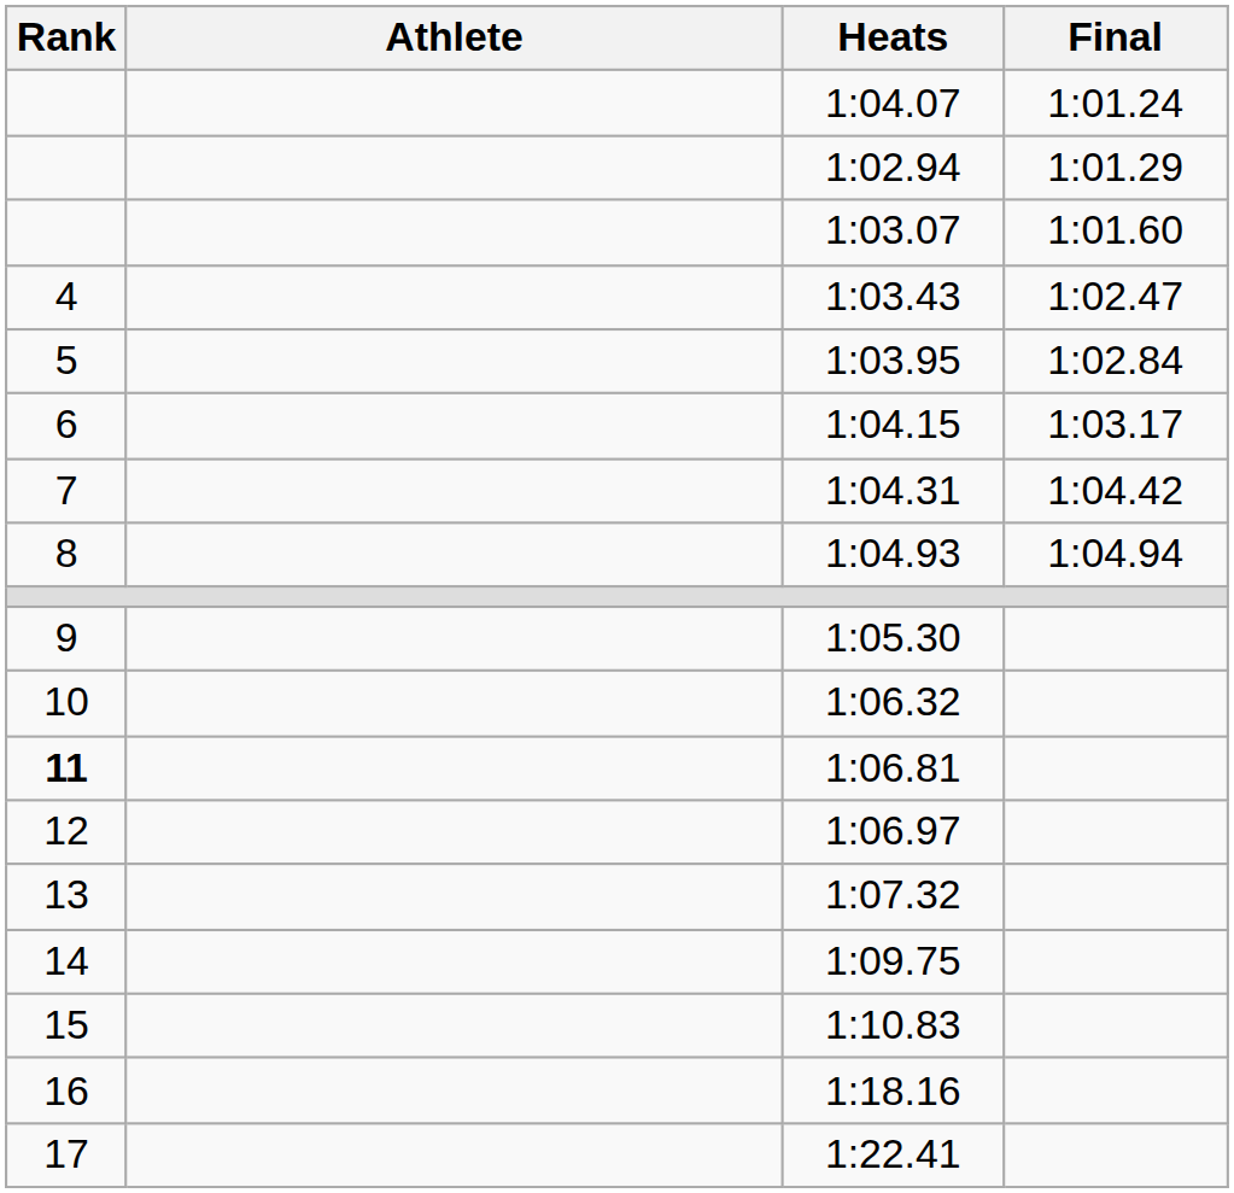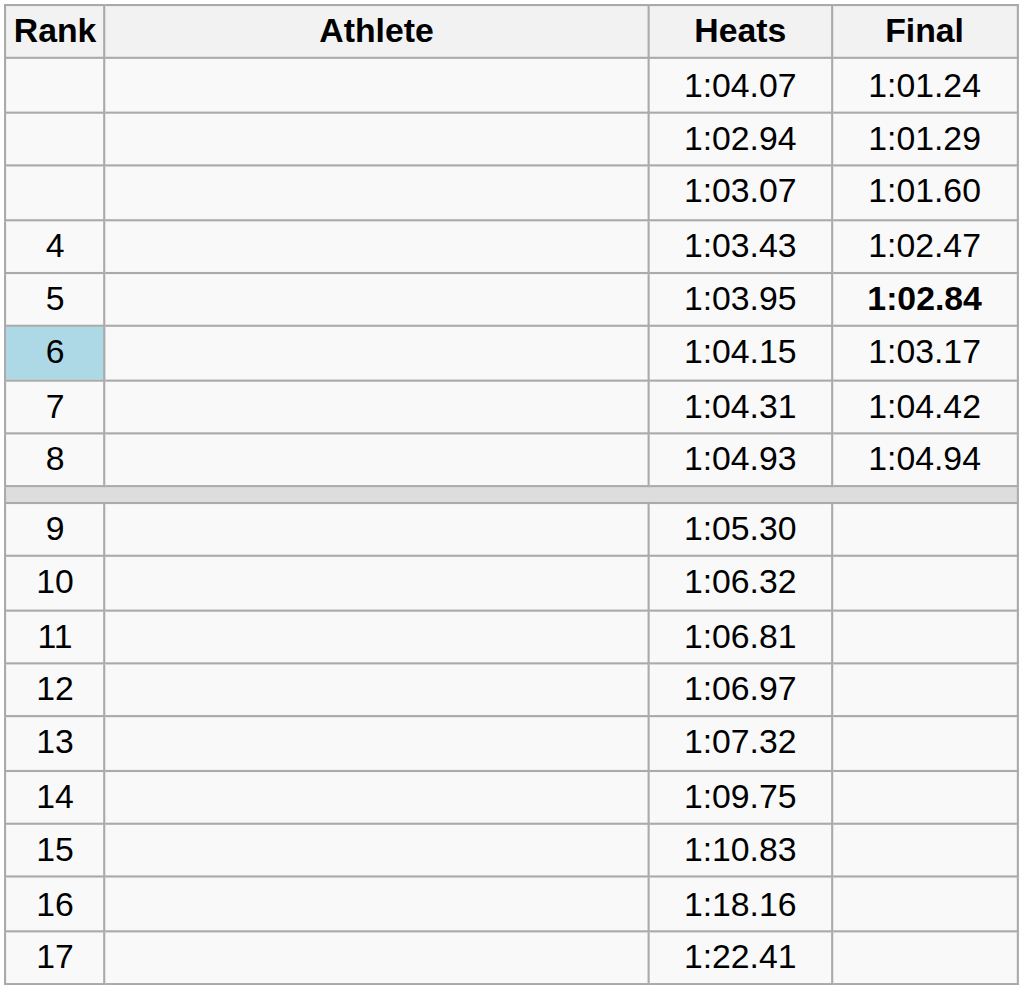 <table class=wikitable style="text-align:center">
 <tr>
 <th width=40>Rank</th>
 <th width=250>Athlete</th>
 <th width=80>Heats</th>
 <th width=80>Final</th>
 </tr>
 <tr>
 <td></td>
 <td align=left></td>
 <td>1:04.07</td>
 <td>1:01.24</td>
 </tr>
 <tr>
 <td></td>
 <td align=left></td>
 <td>1:02.94</td>
 <td>1:01.29</td>
 </tr>
 <tr>
 <td></td>
 <td align=left></td>
 <td>1:03.07</td>
 <td>1:01.60</td>
 </tr>
 <tr>
 <td>4</td>
 <td align=left></td>
 <td>1:03.43</td>
 <td>1:02.47</td>
 </tr>
 <tr>
 <td>5</td>
 <td align=left></td>
 <td>1:03.95</td>
-<td>1:02.84</td>
+<td><strong>1:02.84</strong></td>
 </tr>
 <tr>
-<td>6</td>
+<td style="background: lightblue;">6</td>
 <td align=left></td>
 <td>1:04.15</td>
 <td>1:03.17</td>
 </tr>
 <tr>
 <td>7</td>
 <td align=left></td>
 <td>1:04.31</td>
 <td>1:04.42</td>
 </tr>
 <tr>
 <td>8</td>
 <td align=left></td>
 <td>1:04.93</td>
 <td>1:04.94</td>
 </tr>
 <tr bgcolor=#DDDDDD>
 <td colspan=4></td>
 </tr>
 <tr>
 <td>9</td>
 <td align=left></td>
 <td>1:05.30</td>
 <td></td>
 </tr>
 <tr>
 <td>10</td>
 <td align=left></td>
 <td>1:06.32</td>
 <td></td>
 </tr>
 <tr>
-<td><strong>11</strong></td>
+<td>11</td>
 <td align=left></td>
 <td>1:06.81</td>
 <td></td>
 </tr>
 <tr>
 <td>12</td>
 <td align=left></td>
 <td>1:06.97</td>
 <td></td>
 </tr>
 <tr>
 <td>13</td>
 <td align=left></td>
 <td>1:07.32</td>
 <td></td>
 </tr>
 <tr>
 <td>14</td>
 <td align=left></td>
 <td>1:09.75</td>
 <td></td>
 </tr>
 <tr>
 <td>15</td>
 <td align=left></td>
 <td>1:10.83</td>
 <td></td>
 </tr>
 <tr>
 <td>16</td>
 <td align=left></td>
 <td>1:18.16</td>
 <td></td>
 </tr>
 <tr>
 <td>17</td>
 <td align=left></td>
 <td>1:22.41</td>
 <td></td>
 </tr>
 </table>
